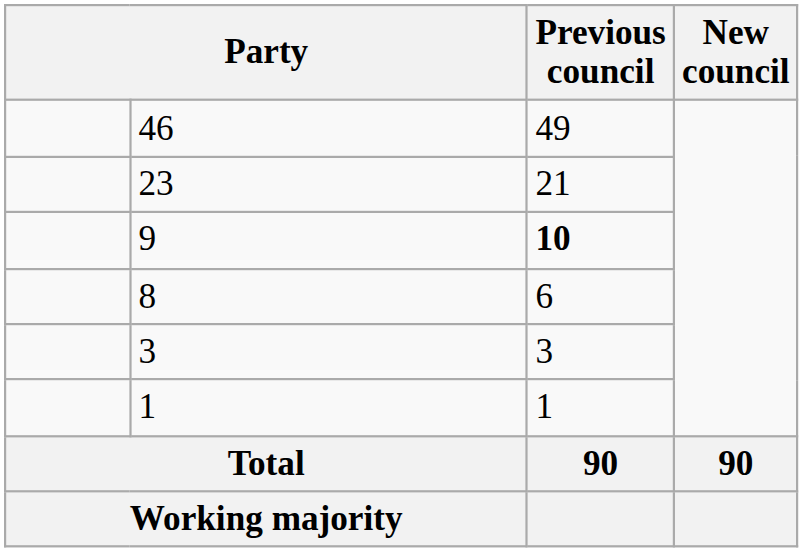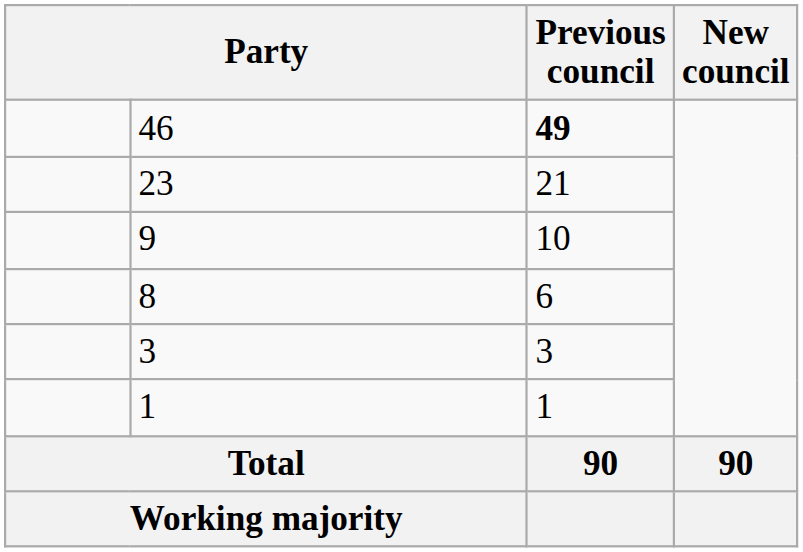 <table class="wikitable">
 <tr>
 <th valign=centre colspan="2" style="width: 230px">Party</th>
 <th valign=top style="width: 30px">Previous council</th>
 <th valign=top style="width: 30px">New council</th>
 </tr>
 <tr>
 <td></td>
 <td>46</td>
-<td>49</td>
+<td><strong>49</strong></td>
 </tr>
 <tr>
 <td></td>
 <td>23</td>
 <td>21</td>
 </tr>
 <tr>
 <td></td>
 <td>9</td>
-<td><strong>10</strong></td>
+<td>10</td>
 </tr>
 <tr>
 <td></td>
 <td>8</td>
 <td>6</td>
 </tr>
 <tr>
 <td></td>
 <td>3</td>
 <td>3</td>
 </tr>
 <tr>
 <td></td>
 <td>1</td>
 <td>1</td>
 </tr>
 <tr>
 <th colspan=2>Total</th>
 <th style="text-align: center">90</th>
 <th colspan=3>90</th>
 </tr>
 <tr>
 <th colspan=2>Working majority</th>
 <th></th>
 <th></th>
 </tr>
 </table>
